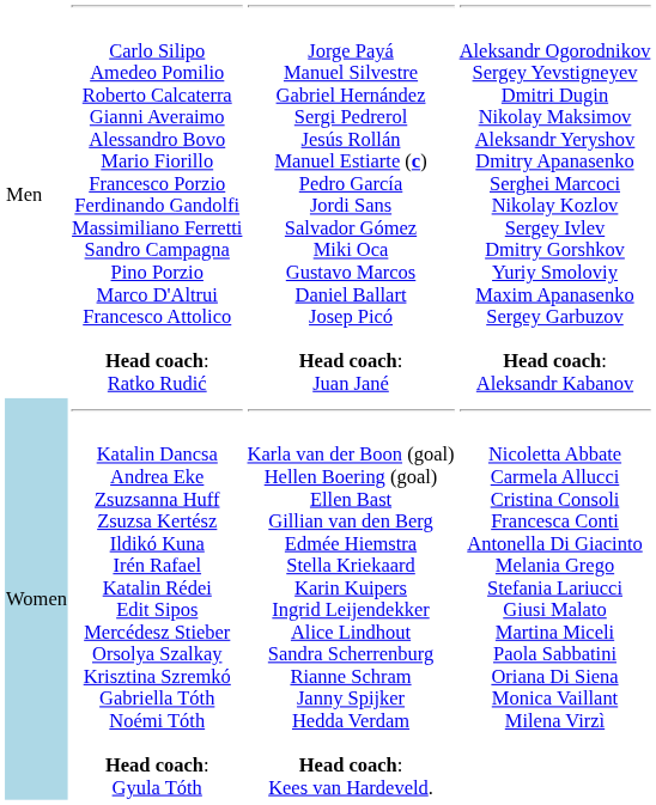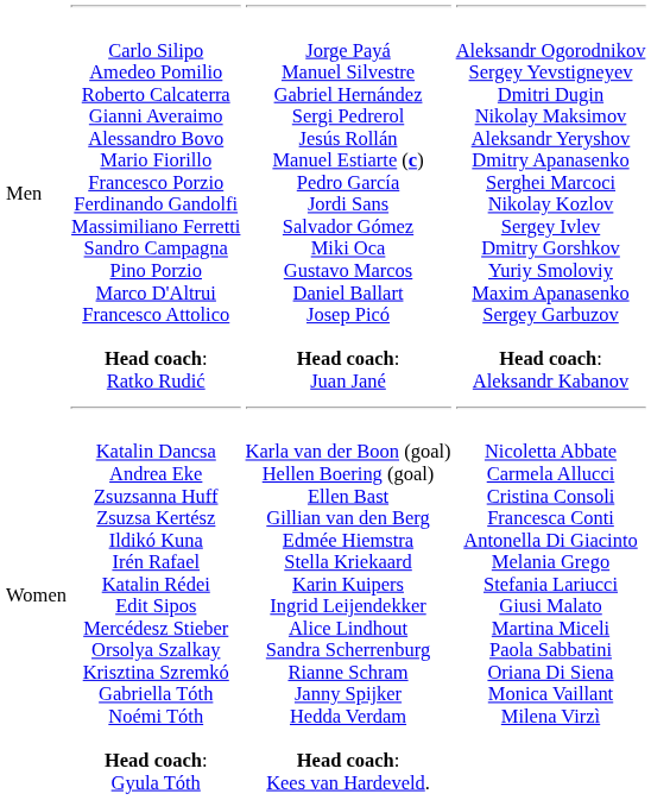 <table>
 <tr>
 <td>Men<br></td>
 <td style="text-align:center; vertical-align:top;"><strong></strong> <hr><br><a href='#'>Carlo Silipo</a><br> <a href='#'>Amedeo Pomilio</a><br> <a href='#'>Roberto Calcaterra</a><br> <a href='#'>Gianni Averaimo</a><br> <a href='#'>Alessandro Bovo</a><br> <a href='#'>Mario Fiorillo</a><br> <a href='#'>Francesco Porzio</a><br> <a href='#'>Ferdinando Gandolfi</a><br> <a href='#'>Massimiliano Ferretti</a><br> <a href='#'>Sandro Campagna</a><br> <a href='#'>Pino Porzio</a><br> <a href='#'>Marco D'Altrui</a><br> <a href='#'>Francesco Attolico</a><br><br><strong>Head coach</strong>: <br><a href='#'>Ratko Rudić</a></td>
 <td style="text-align:center; vertical-align:top;"><strong></strong> <hr><br><a href='#'>Jorge Payá</a><br> <a href='#'>Manuel Silvestre</a><br> <a href='#'>Gabriel Hernández</a><br> <a href='#'>Sergi Pedrerol</a><br> <a href='#'>Jesús Rollán</a><br> <a href='#'>Manuel Estiarte</a> (<a href='#'><strong>c</strong></a>)<br> <a href='#'>Pedro García</a><br> <a href='#'>Jordi Sans</a><br> <a href='#'>Salvador Gómez</a><br> <a href='#'>Miki Oca</a><br> <a href='#'>Gustavo Marcos</a><br> <a href='#'>Daniel Ballart</a><br> <a href='#'>Josep Picó</a><br><br><strong>Head coach</strong>: <br><a href='#'>Juan Jané</a></td>
 <td style="text-align:center; vertical-align:top;"><strong></strong> <hr><br><a href='#'>Aleksandr Ogorodnikov</a><br> <a href='#'>Sergey Yevstigneyev</a><br><a href='#'>Dmitri Dugin</a><br> <a href='#'>Nikolay Maksimov</a><br> <a href='#'>Aleksandr Yeryshov</a><br> <a href='#'>Dmitry Apanasenko</a><br> <a href='#'>Serghei Marcoci</a><br> <a href='#'>Nikolay Kozlov</a><br> <a href='#'>Sergey Ivlev</a><br> <a href='#'>Dmitry Gorshkov</a><br> <a href='#'>Yuriy Smoloviy</a><br> <a href='#'>Maxim Apanasenko</a><br><a href='#'>Sergey Garbuzov</a><br><br><strong>Head coach</strong>: <br><a href='#'>Aleksandr Kabanov</a></td>
 </tr>
 <tr>
-<td style="background: lightblue;">Women<br></td>
+<td>Women<br></td>
 <td style="text-align:center; vertical-align:top;"><strong></strong>  <hr><br><a href='#'>Katalin Dancsa</a><br> <a href='#'>Andrea Eke</a><br> <a href='#'>Zsuzsanna Huff</a><br> <a href='#'>Zsuzsa Kertész</a><br> <a href='#'>Ildikó Kuna</a><br> <a href='#'>Irén Rafael</a><br> <a href='#'>Katalin Rédei</a><br> <a href='#'>Edit Sipos</a><br> <a href='#'>Mercédesz Stieber</a><br> <a href='#'>Orsolya Szalkay</a><br> <a href='#'>Krisztina Szremkó</a><br> <a href='#'>Gabriella Tóth</a><br> <a href='#'>Noémi Tóth</a><br><br><strong>Head coach</strong>: <br><a href='#'>Gyula Tóth</a></td>
 <td style="text-align:center; vertical-align:top;"><strong></strong><hr><br><a href='#'>Karla van der Boon</a> (goal)<br> <a href='#'>Hellen Boering</a> (goal)<br> <a href='#'>Ellen Bast</a><br> <a href='#'>Gillian van den Berg</a><br> <a href='#'>Edmée Hiemstra</a><br> <a href='#'>Stella Kriekaard</a><br> <a href='#'>Karin Kuipers</a><br> <a href='#'>Ingrid Leijendekker</a><br> <a href='#'>Alice Lindhout</a><br> <a href='#'>Sandra Scherrenburg</a><br> <a href='#'>Rianne Schram</a><br> <a href='#'>Janny Spijker</a><br> <a href='#'>Hedda Verdam</a> <br><br><strong>Head coach</strong>:<br> <a href='#'>Kees van Hardeveld</a>.</td>
 <td style="text-align:center; vertical-align:top;"><strong></strong><hr><br><a href='#'>Nicoletta Abbate</a><br> <a href='#'>Carmela Allucci</a><br> <a href='#'>Cristina Consoli</a><br> <a href='#'>Francesca Conti</a><br> <a href='#'>Antonella Di Giacinto</a><br> <a href='#'>Melania Grego</a><br> <a href='#'>Stefania Lariucci</a><br> <a href='#'>Giusi Malato</a><br> <a href='#'>Martina Miceli</a><br> <a href='#'>Paola Sabbatini</a><br> <a href='#'>Oriana Di Siena</a><br> <a href='#'>Monica Vaillant</a><br> <a href='#'>Milena Virzì</a></td>
 </tr>
 </table>
